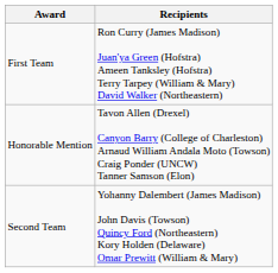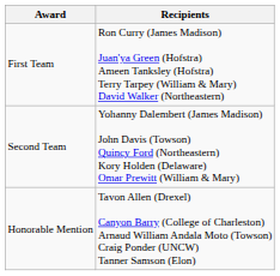 <table class="wikitable" style="white-space:nowrap; font-size:90%;">
 <tr>
 <th>Award</th>
 <th>Recipients</th>
 </tr>
 <tr>
 <td>First Team</td>
 <td>Ron Curry (James Madison)<br><br><a href='#'>Juan'ya Green</a> (Hofstra)<br> Ameen Tanksley (Hofstra)<br> Terry Tarpey (William & Mary)<br> <a href='#'>David Walker</a> (Northeastern)</td>
 </tr>
 <tr>
+<td>Second Team</td>
+<td>Yohanny Dalembert (James Madison)<br><br>John Davis (Towson)<br> <a href='#'>Quincy Ford</a> (Northeastern)<br> Kory Holden (Delaware)<br> <a href='#'>Omar Prewitt</a> (William & Mary)</td>
+</tr>
+<tr>
 <td>Honorable Mention</td>
 <td>Tavon Allen (Drexel)<br><br><a href='#'>Canyon Barry</a> (College of Charleston)<br> Arnaud William Andala Moto (Towson)<br> Craig Ponder (UNCW)<br> Tanner Samson (Elon)</td>
 </tr>
-<tr>
-<td>Second Team</td>
-<td>Yohanny Dalembert (James Madison)<br><br>John Davis (Towson)<br> <a href='#'>Quincy Ford</a> (Northeastern)<br> Kory Holden (Delaware)<br> <a href='#'>Omar Prewitt</a> (William & Mary)</td>
-</tr>
 </table>
